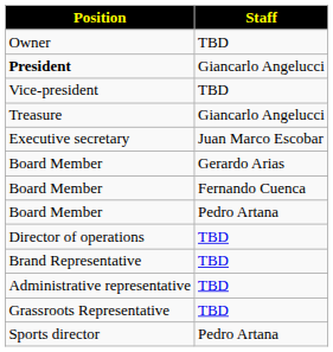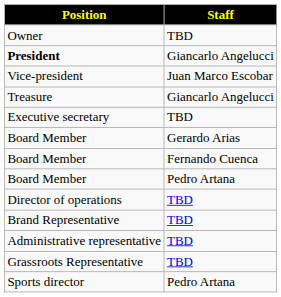 <table class="wikitable">
 <tr>
 <th style="color:Yellow; background:#000000;;">Position</th>
 <th style="color:Yellow; background:#000000;;">Staff</th>
 </tr>
 <tr>
 <td>Owner</td>
 <td> TBD</td>
 </tr>
 <tr>
 <td><strong>President</strong></td>
 <td> Giancarlo Angelucci</td>
 </tr>
 <tr>
 <td>Vice-president</td>
-<td> TBD</td>
+<td> Juan Marco Escobar</td>
 </tr>
 <tr>
 <td>Treasure</td>
 <td> Giancarlo Angelucci</td>
 </tr>
 <tr>
 <td>Executive secretary</td>
-<td> Juan Marco Escobar</td>
+<td> TBD</td>
 </tr>
 <tr>
 <td>Board Member</td>
 <td> Gerardo Arias</td>
 </tr>
 <tr>
 <td>Board Member</td>
 <td> Fernando Cuenca</td>
 </tr>
 <tr>
 <td>Board Member</td>
 <td> Pedro Artana</td>
 </tr>
 <tr>
 <td>Director of operations</td>
 <td> <a href='#'>TBD</a></td>
 </tr>
 <tr>
 <td>Brand Representative</td>
 <td> <a href='#'>TBD</a></td>
 </tr>
 <tr>
 <td>Administrative representative</td>
 <td> <a href='#'>TBD</a></td>
 </tr>
 <tr>
 <td>Grassroots Representative</td>
 <td> <a href='#'>TBD</a></td>
 </tr>
 <tr>
 <td>Sports director</td>
 <td> Pedro Artana</td>
 </tr>
 </table>
